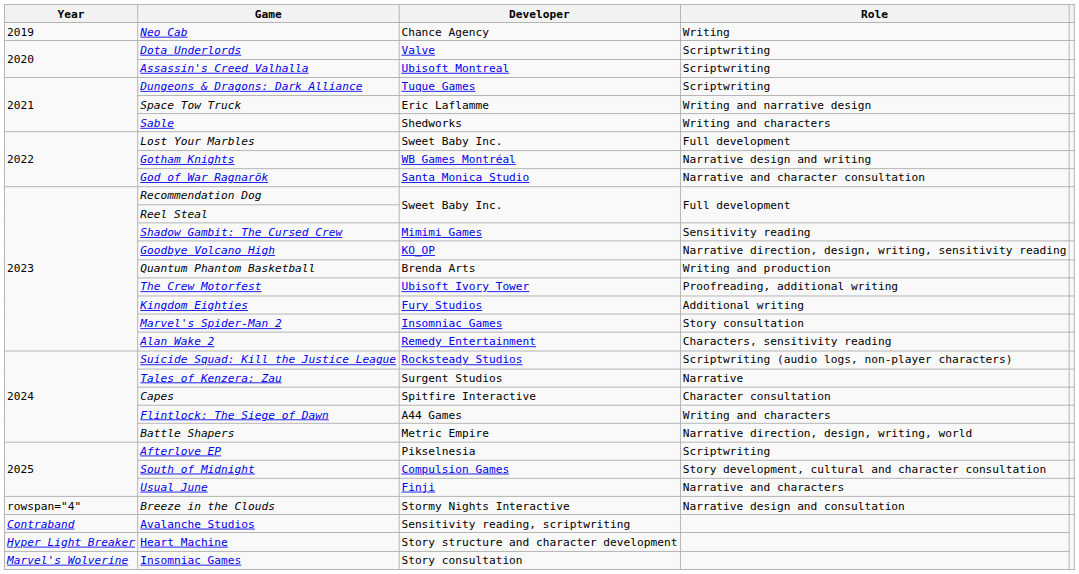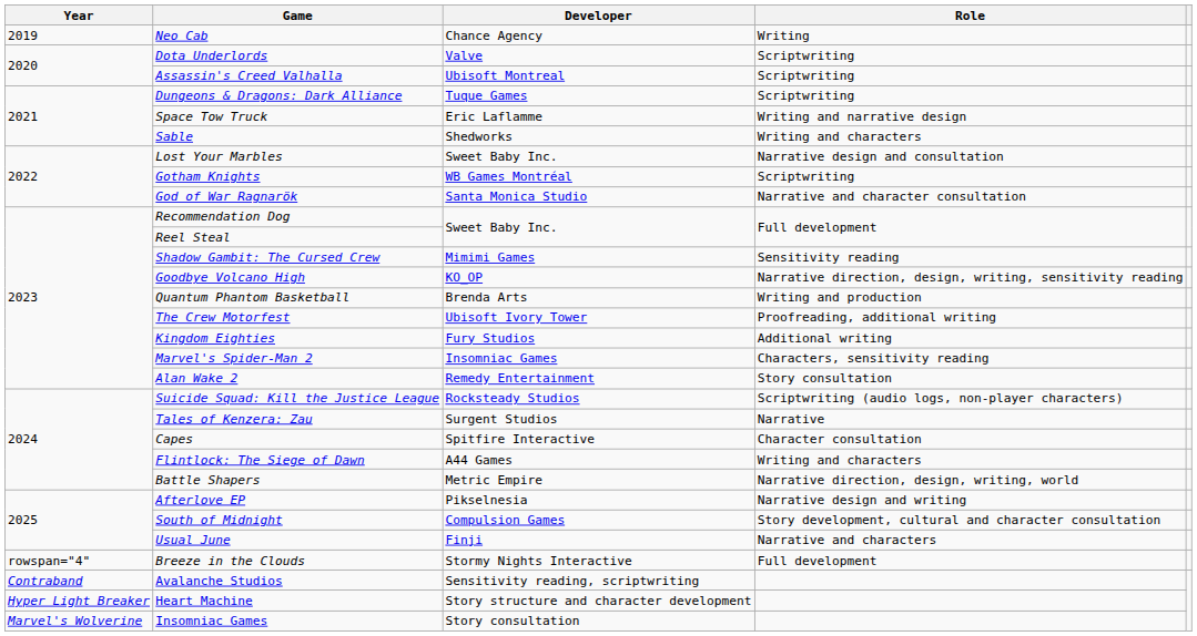 <table class="wikitable sortable">
 <tr>
 <th scope="col">Year</th>
 <th scope="col">Game</th>
 <th scope="col">Developer</th>
 <th scope="col">Role</th>
 <th scope="col" class="unsortable"></th>
 </tr>
 <tr>
 <td>2019</td>
 <td><em><a href='#'>Neo Cab</a></em></td>
 <td>Chance Agency</td>
 <td>Writing</td>
 <td align="center"></td>
 </tr>
 <tr>
 <td rowspan="2">2020</td>
 <td><em><a href='#'>Dota Underlords</a></em></td>
 <td><a href='#'>Valve</a></td>
 <td>Scriptwriting</td>
 <td align="center"></td>
 </tr>
 <tr>
 <td><em><a href='#'>Assassin's Creed Valhalla</a></em></td>
 <td><a href='#'>Ubisoft Montreal</a></td>
 <td>Scriptwriting</td>
 <td align="center"></td>
 </tr>
 <tr>
 <td rowspan="3">2021</td>
 <td><em><a href='#'>Dungeons & Dragons: Dark Alliance</a></em></td>
 <td><a href='#'>Tuque Games</a></td>
 <td>Scriptwriting</td>
 <td align="center"></td>
 </tr>
 <tr>
 <td><em>Space Tow Truck</em></td>
 <td>Eric Laflamme</td>
 <td>Writing and narrative design</td>
 <td align="center"></td>
 </tr>
 <tr>
 <td><em><a href='#'>Sable</a></em></td>
 <td>Shedworks</td>
 <td>Writing and characters</td>
 <td align="center"></td>
 </tr>
 <tr>
 <td rowspan="3">2022</td>
 <td><em>Lost Your Marbles</em></td>
 <td>Sweet Baby Inc.</td>
-<td>Full development</td>
+<td>Narrative design and consultation</td>
 <td align="center"></td>
 </tr>
 <tr>
 <td><em><a href='#'>Gotham Knights</a></em></td>
 <td><a href='#'>WB Games Montréal</a></td>
-<td>Narrative design and writing</td>
+<td>Scriptwriting</td>
 <td align="center"></td>
 </tr>
 <tr>
 <td><em><a href='#'>God of War Ragnarök</a></em></td>
 <td><a href='#'>Santa Monica Studio</a></td>
 <td>Narrative and character consultation</td>
 <td align="center"></td>
 </tr>
 <tr>
 <td rowspan="9">2023</td>
 <td><em>Recommendation Dog</em></td>
 <td rowspan="2">Sweet Baby Inc.</td>
 <td rowspan="2">Full development</td>
 <td align="center" rowspan="2"></td>
 </tr>
 <tr>
 <td><em>Reel Steal</em></td>
 </tr>
 <tr>
 <td><em><a href='#'>Shadow Gambit: The Cursed Crew</a></em></td>
 <td><a href='#'>Mimimi Games</a></td>
 <td>Sensitivity reading</td>
 <td align="center"></td>
 </tr>
 <tr>
 <td><em><a href='#'>Goodbye Volcano High</a></em></td>
 <td><a href='#'>KO_OP</a></td>
 <td>Narrative direction, design, writing, sensitivity reading</td>
 <td align="center"></td>
 </tr>
 <tr>
 <td><em>Quantum Phantom Basketball</em></td>
 <td>Brenda Arts</td>
 <td>Writing and production</td>
 <td align="center"></td>
 </tr>
 <tr>
 <td><em><a href='#'>The Crew Motorfest</a></em></td>
 <td><a href='#'>Ubisoft Ivory Tower</a></td>
 <td>Proofreading, additional writing</td>
 <td align="center"></td>
 </tr>
 <tr>
 <td><em><a href='#'>Kingdom Eighties</a></em></td>
 <td><a href='#'>Fury Studios</a></td>
 <td>Additional writing</td>
 <td align="center"></td>
 </tr>
 <tr>
 <td><em><a href='#'>Marvel's Spider-Man 2</a></em></td>
 <td><a href='#'>Insomniac Games</a></td>
-<td>Story consultation</td>
+<td>Characters, sensitivity reading</td>
 <td align="center"></td>
 </tr>
 <tr>
 <td><em><a href='#'>Alan Wake 2</a></em></td>
 <td><a href='#'>Remedy Entertainment</a></td>
-<td>Characters, sensitivity reading</td>
+<td>Story consultation</td>
 <td align="center"></td>
 </tr>
 <tr>
 <td rowspan="5">2024</td>
 <td><em><a href='#'>Suicide Squad: Kill the Justice League</a></em></td>
 <td><a href='#'>Rocksteady Studios</a></td>
 <td>Scriptwriting (audio logs, non-player characters)</td>
 <td align="center"></td>
 </tr>
 <tr>
 <td><em><a href='#'>Tales of Kenzera: Zau</a></em></td>
 <td>Surgent Studios</td>
 <td>Narrative</td>
 <td align="center"></td>
 </tr>
 <tr>
 <td><em>Capes</em></td>
 <td>Spitfire Interactive</td>
 <td>Character consultation</td>
 <td align="center"></td>
 </tr>
 <tr>
 <td><em><a href='#'>Flintlock: The Siege of Dawn</a></em></td>
 <td>A44 Games</td>
 <td>Writing and characters</td>
 <td align="center"></td>
 </tr>
 <tr>
 <td><em>Battle Shapers</em></td>
 <td>Metric Empire</td>
 <td>Narrative direction, design, writing, world</td>
 <td align="center"></td>
 </tr>
 <tr>
 <td rowspan="3">2025</td>
 <td><em><a href='#'>Afterlove EP</a></em></td>
 <td>Pikselnesia</td>
-<td>Scriptwriting</td>
+<td>Narrative design and writing</td>
 <td align="center"></td>
 </tr>
 <tr>
 <td><em><a href='#'>South of Midnight</a></em></td>
 <td><a href='#'>Compulsion Games</a></td>
 <td>Story development, cultural and character consultation</td>
 <td align="center"></td>
 </tr>
 <tr>
 <td><em><a href='#'>Usual June</a></em></td>
 <td><a href='#'>Finji</a></td>
 <td>Narrative and characters</td>
 <td align="center"></td>
 </tr>
 <tr>
 <td>rowspan="4" </td>
 <td><em>Breeze in the Clouds</em></td>
 <td>Stormy Nights Interactive</td>
-<td>Narrative design and consultation</td>
+<td>Full development</td>
 <td align="center"></td>
 </tr>
 <tr>
 <td><em><a href='#'>Contraband</a></em></td>
 <td><a href='#'>Avalanche Studios</a></td>
 <td>Sensitivity reading, scriptwriting</td>
 <td align="center"></td>
 </tr>
 <tr>
 <td><em><a href='#'>Hyper Light Breaker</a></em></td>
 <td><a href='#'>Heart Machine</a></td>
 <td>Story structure and character development</td>
 <td align="center"></td>
 </tr>
 <tr>
 <td><em><a href='#'>Marvel's Wolverine</a></em></td>
 <td><a href='#'>Insomniac Games</a></td>
 <td>Story consultation</td>
 <td align="center"></td>
 </tr>
 </table>
